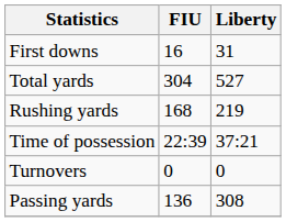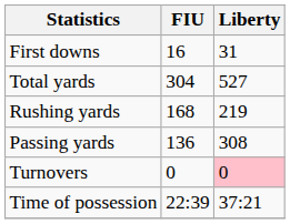 <table class="wikitable">
 <tr>
 <th>Statistics</th>
 <th>FIU</th>
 <th>Liberty</th>
 </tr>
 <tr>
 <td>First downs</td>
 <td>16</td>
 <td>31</td>
 </tr>
 <tr>
 <td>Total yards</td>
 <td>304</td>
 <td>527</td>
 </tr>
 <tr>
 <td>Rushing yards</td>
 <td>168</td>
 <td>219</td>
 </tr>
 <tr>
+<td>Passing yards</td>
+<td>136</td>
+<td>308</td>
+</tr>
+<tr>
+<td>Turnovers</td>
+<td>0</td>
+<td style="background: pink;">0</td>
+</tr>
+<tr>
 <td>Time of possession</td>
 <td>22:39</td>
 <td>37:21</td>
 </tr>
 <tr>
-<td>Turnovers</td>
-<td>0</td>
-<td>0</td>
-</tr>
-<tr>
-<td>Passing yards</td>
-<td>136</td>
-<td>308</td>
-</tr>
-<tr>
 </tr>
 </table>
